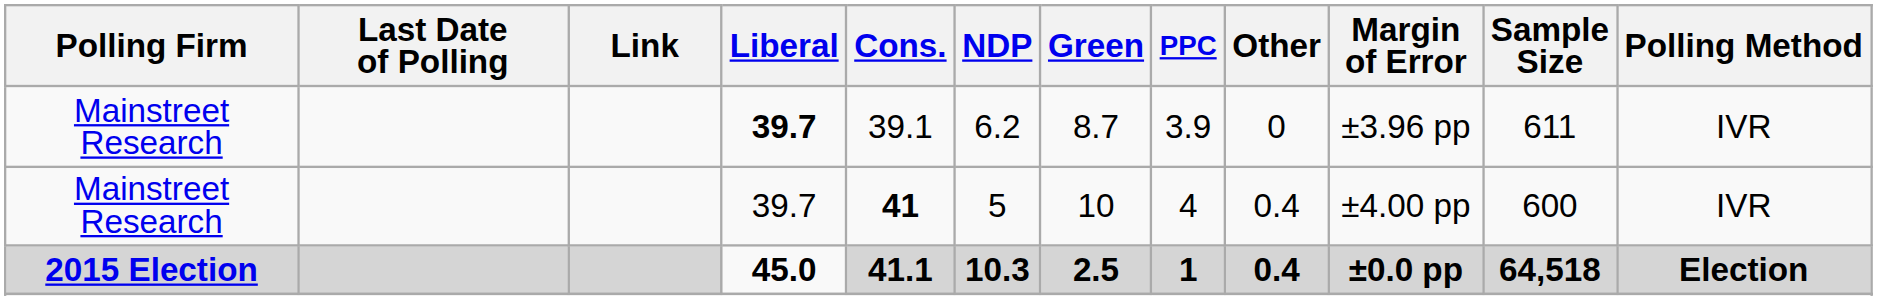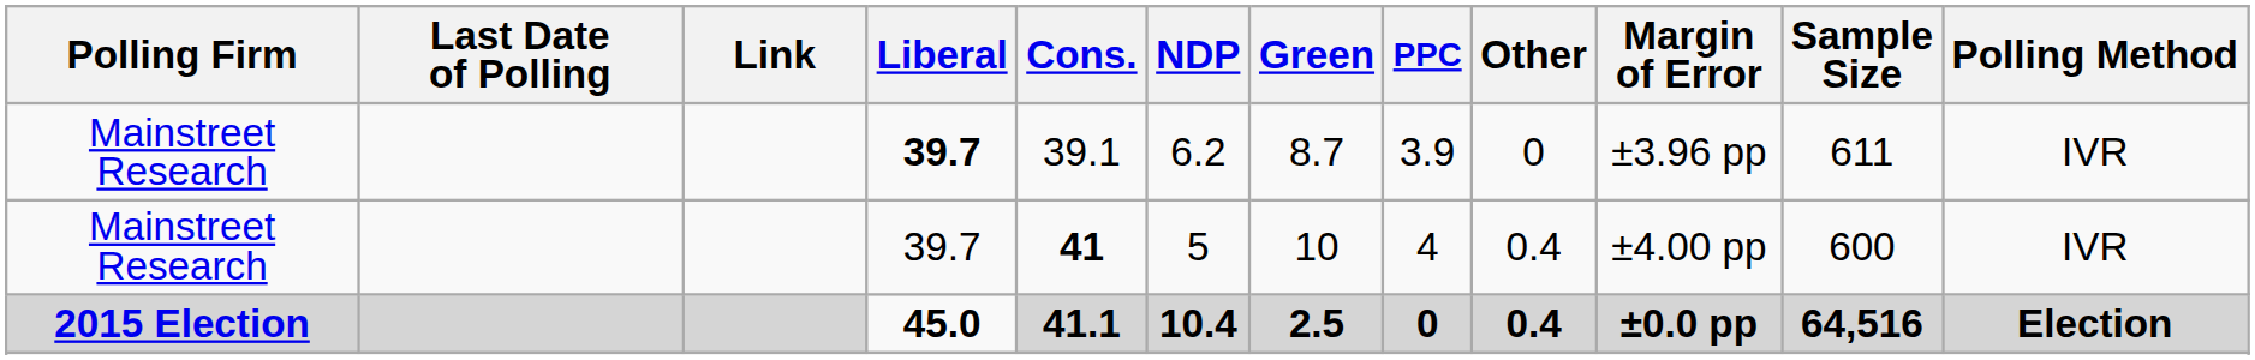 <table class="wikitable sortable" style="text-align:center;font-size:90%;line-height:14px;">
 <tr style="background:#e9e9e9;">
 <th style="width:120px">Polling Firm</th>
 <th style="width:110px">Last Date<br>of Polling</th>
 <th style="width:60px" class="unsortable">Link</th>
 <th style="background-color:"><strong><a href='#'>Liberal</a></strong></th>
 <th style="background-color:"><strong><a href='#'>Cons.</a></strong></th>
 <th style="background-color:"><strong><a href='#'>NDP</a></strong></th>
 <th style="background-color:"><strong><a href='#'>Green</a></strong></th>
 <th style="background-color:"><strong><small><a href='#'>PPC</a></small></strong></th>
 <th style="background-color:"><strong>Other</strong></th>
 <th style="width:60px;" class=unsortable>Margin<br>of Error</th>
 <th style="width:50px;" class=unsortable>Sample<br>Size</th>
 <th class=unsortable>Polling Method</th>
 </tr>
 <tr>
 <td><a href='#'>Mainstreet Research</a></td>
 <td></td>
 <td></td>
 <td><strong>39.7</strong></td>
 <td>39.1</td>
 <td>6.2</td>
 <td>8.7</td>
 <td>3.9</td>
 <td>0</td>
 <td>±3.96 pp</td>
 <td>611</td>
 <td>IVR</td>
 </tr>
 <tr>
 <td><a href='#'>Mainstreet Research</a></td>
 <td></td>
 <td></td>
 <td>39.7</td>
 <td><strong>41</strong></td>
 <td>5</td>
 <td>10</td>
 <td>4</td>
 <td>0.4</td>
 <td>±4.00 pp</td>
 <td>600</td>
 <td>IVR</td>
 </tr>
 <tr>
 <td style="background:#D5D5D5"><strong><a href='#'>2015 Election</a></strong></td>
 <td style="background:#D5D5D5"><strong></strong></td>
 <td style="background:#D5D5D5"></td>
 <td><strong>45.0</strong></td>
 <td style="background:#D5D5D5"><strong>41.1</strong></td>
-<td style="background:#D5D5D5"><strong>10.3</strong></td>
+<td style="background:#D5D5D5"><strong>10.4</strong></td>
 <td style="background:#D5D5D5"><strong>2.5</strong></td>
-<td style="background:#D5D5D5"><strong>1</strong></td>
+<td style="background:#D5D5D5"><strong>0</strong></td>
 <td style="background:#D5D5D5"><strong>0.4</strong></td>
 <td style="background:#D5D5D5"><strong>±0.0 pp</strong></td>
-<td style="background:#D5D5D5"><strong>64,518</strong></td>
+<td style="background:#D5D5D5"><strong>64,516</strong></td>
 <td style="background:#D5D5D5"><strong>Election</strong></td>
 </tr>
 <tr>
 </tr>
 <tr>
 </tr>
 </table>
